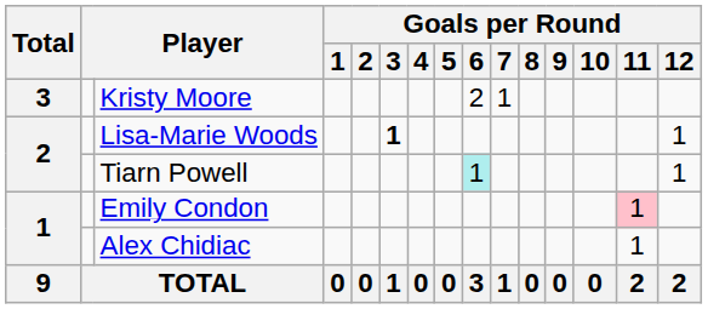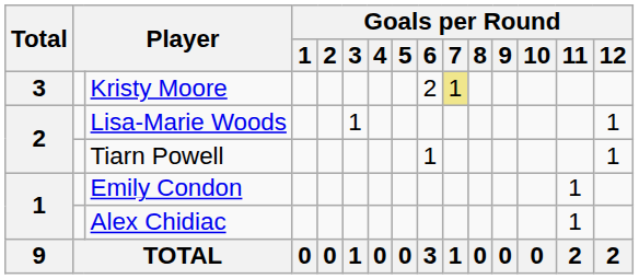 <table class="wikitable" style="text-align:center; line-height: 90%; font-size:90%;">
 <tr>
 <th rowspan="2">Total</th>
 <th rowspan="2" colspan="2">Player</th>
 <th colspan="12">Goals per Round</th>
 </tr>
 <tr>
 <th>1</th>
 <th>2</th>
 <th>3</th>
 <th>4</th>
 <th>5</th>
 <th>6</th>
 <th>7</th>
 <th>8</th>
 <th>9</th>
 <th>10</th>
 <th>11</th>
 <th>12</th>
 </tr>
 <tr>
 <th rowspan="1">3</th>
 <td></td>
 <td style="text-align:left;"><a href='#'>Kristy Moore</a></td>
 <td></td>
 <td></td>
 <td></td>
 <td></td>
 <td></td>
 <td>2</td>
-<td>1</td>
+<td style="background: khaki;">1</td>
 <td></td>
 <td></td>
 <td></td>
 <td></td>
 <td></td>
 </tr>
 <tr>
 <th rowspan="2">2</th>
 <td></td>
 <td style="text-align:left;"><a href='#'>Lisa-Marie Woods</a></td>
 <td></td>
 <td></td>
-<td><strong>1</strong></td>
+<td>1</td>
 <td></td>
 <td></td>
 <td></td>
 <td></td>
 <td></td>
 <td></td>
 <td></td>
 <td></td>
 <td>1</td>
 </tr>
 <tr>
 <td></td>
 <td style="text-align:left;">Tiarn Powell</td>
 <td></td>
 <td></td>
 <td></td>
 <td></td>
 <td></td>
-<td style="background: paleturquoise;">1</td>
+<td>1</td>
 <td></td>
 <td></td>
 <td></td>
 <td></td>
 <td></td>
 <td>1</td>
 </tr>
 <tr>
 <th rowspan="2">1</th>
 <td></td>
 <td style="text-align:left;"><a href='#'>Emily Condon</a></td>
 <td></td>
 <td></td>
 <td></td>
 <td></td>
 <td></td>
 <td></td>
 <td></td>
 <td></td>
 <td></td>
 <td></td>
-<td style="background: pink;">1</td>
+<td>1</td>
 <td></td>
 </tr>
 <tr>
 <td></td>
 <td style="text-align:left;"><a href='#'>Alex Chidiac</a></td>
 <td></td>
 <td></td>
 <td></td>
 <td></td>
 <td></td>
 <td></td>
 <td></td>
 <td></td>
 <td></td>
 <td></td>
 <td>1</td>
 <td></td>
 </tr>
 <tr>
 <th rowspan="1">9</th>
 <th colspan="2">TOTAL</th>
 <th style="text-align:center;">0</th>
 <th>0</th>
 <th>1</th>
 <th>0</th>
 <th>0</th>
 <th>3</th>
 <th>1</th>
 <th>0</th>
 <th>0</th>
 <th>0</th>
 <th>2</th>
 <th>2</th>
 </tr>
 </table>
